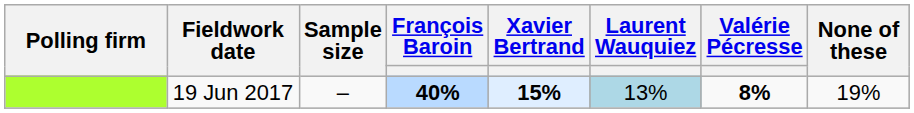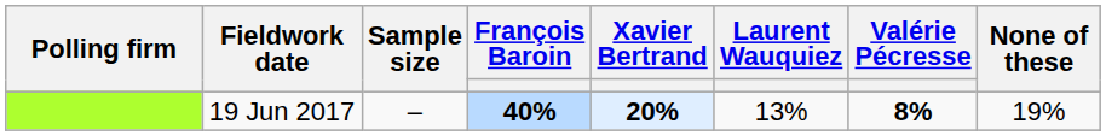 <table class="wikitable sortable" style="text-align:center;font-size:90%;line-height:14px;">
 <tr style="height:40px;">
 <th style="width:100px;" rowspan="2">Polling firm</th>
 <th style="width:80px;" rowspan="2">Fieldwork date</th>
 <th style="width:35px;" rowspan="2">Sample<br>size</th>
 <th class="unsortable" style="width:60px;"><a href='#'>François Baroin</a></th>
 <th class="unsortable" style="width:60px;"><a href='#'>Xavier Bertrand</a></th>
 <th class="unsortable" style="width:60px;"><a href='#'>Laurent Wauquiez</a></th>
 <th class="unsortable" style="width:60px;"><a href='#'>Valérie Pécresse</a></th>
 <th class="unsortable" style="width:60px;" rowspan="2">None of these</th>
 </tr>
 <tr>
 <th style="background:"></th>
 <th style="background:"></th>
 <th style="background:"></th>
 <th style="background:"></th>
 </tr>
 <tr>
 <td style="background:GreenYellow;"></td>
 <td data-sort-value="2017-06-19">19 Jun 2017</td>
 <td>–</td>
 <td style="background:#B9DAFF;"><strong>40%</strong></td>
-<td style="background:#DFEEFF;"><strong>15%</strong></td>
-<td style="background: lightblue;">13%</td>
+<td style="background:#DFEEFF;"><strong>20%</strong></td>
+<td>13%</td>
 <td><strong>8%</strong></td>
 <td>19%</td>
 </tr>
 </table>
